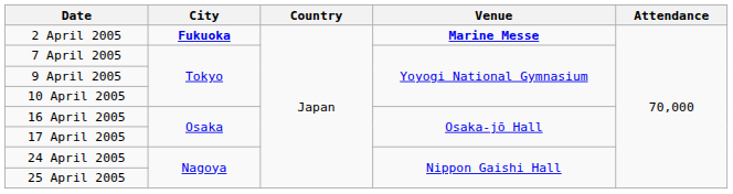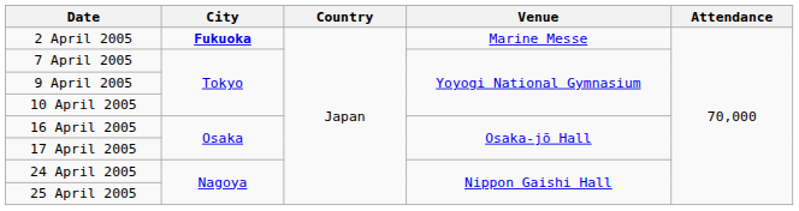 <table class="wikitable" style="text-align:center;">
 <tr>
 <th scope="col" style="width:11em;">Date</th>
 <th scope="col" style="width:8.5em;">City</th>
 <th scope="col" style="width:8.5em;">Country</th>
 <th scope="col" style="width:19em;">Venue</th>
 <th scope="col" style="width:8.5em;">Attendance</th>
 </tr>
 <tr>
 <td>2 April 2005</td>
 <td><strong><a href='#'>Fukuoka</a></strong></td>
 <td rowspan="8">Japan</td>
-<td><strong><a href='#'>Marine Messe</a></strong></td>
+<td><a href='#'>Marine Messe</a></td>
 <td rowspan="8">70,000</td>
 </tr>
 <tr>
 <td>7 April 2005</td>
 <td rowspan="3"><a href='#'>Tokyo</a></td>
 <td rowspan="3"><a href='#'>Yoyogi National Gymnasium</a></td>
 </tr>
 <tr>
 <td>9 April 2005</td>
 </tr>
 <tr>
 <td>10 April 2005</td>
 </tr>
 <tr>
 <td>16 April 2005</td>
 <td rowspan="2"><a href='#'>Osaka</a></td>
 <td rowspan="2"><a href='#'>Osaka-jō Hall</a></td>
 </tr>
 <tr>
 <td>17 April 2005</td>
 </tr>
 <tr>
 <td>24 April 2005</td>
 <td rowspan="2"><a href='#'>Nagoya</a></td>
 <td rowspan="2"><a href='#'>Nippon Gaishi Hall</a></td>
 </tr>
 <tr>
 <td>25 April 2005</td>
 </tr>
 </table>
